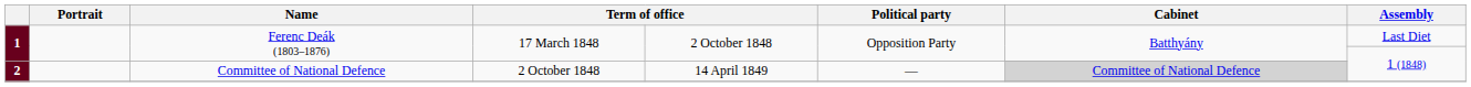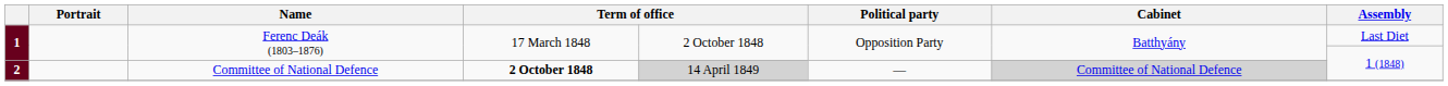 <table class="wikitable" style="width:90%; text-align:center;">
 <tr>
 <th></th>
 <th>Portrait</th>
 <th>Name<br></th>
 <th colspan=2>Term of office</th>
 <th>Political party</th>
 <th>Cabinet</th>
 <th><a href='#'>Assembly</a><br></th>
 </tr>
 <tr>
 <th rowspan="2" style="background-color:#68001D; color:white">1</th>
 <td rowspan="2"></td>
 <td rowspan="2"><a href='#'>Ferenc Deák</a><br><small>(1803–1876)</small></td>
 <td rowspan="2">17 March 1848</td>
 <td rowspan="2">2 October 1848</td>
 <td rowspan="2">Opposition Party</td>
 <td rowspan="2"><a href='#'>Batthyány</a></td>
 <td><a href='#'>Last Diet</a></td>
 </tr>
 <tr>
 <td rowspan="2"><a href='#'>1 <small>(1848)</small></a></td>
 </tr>
 <tr>
 <th style="background-color:#68001D; color:white">2</th>
 <td><br></td>
 <td><a href='#'>Committee of National Defence</a></td>
-<td>2 October 1848</td>
-<td>14 April 1849</td>
+<td><strong>2 October 1848</strong></td>
+<td style="background: lightgrey;">14 April 1849</td>
 <td>—</td>
 <td style="background: lightgrey;"><a href='#'>Committee of National Defence</a></td>
 </tr>
 <tr>
 </tr>
 </table>
